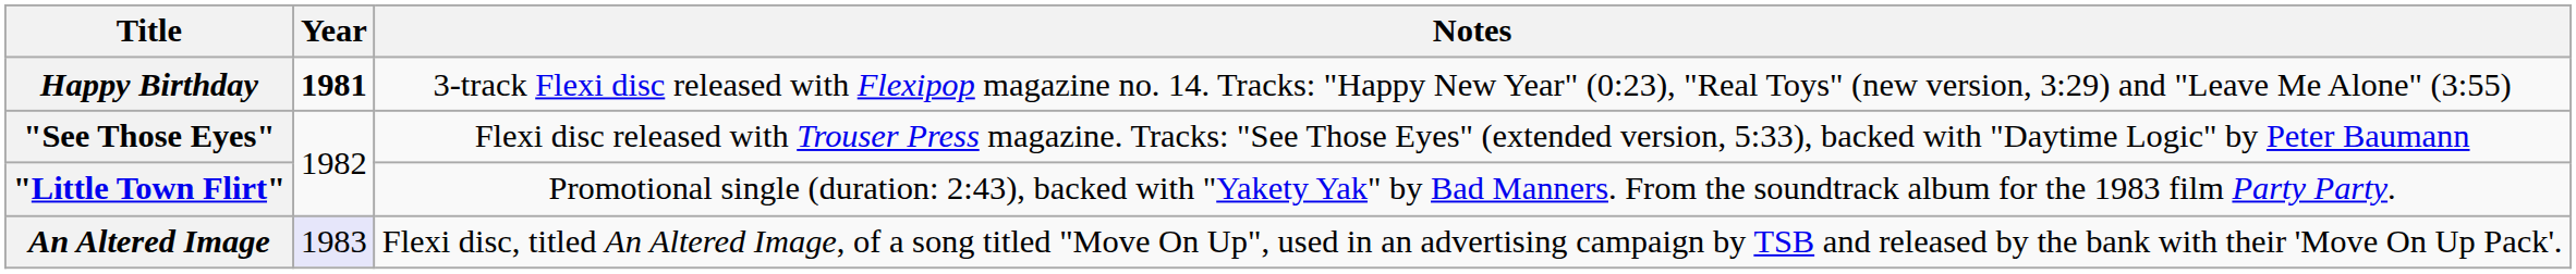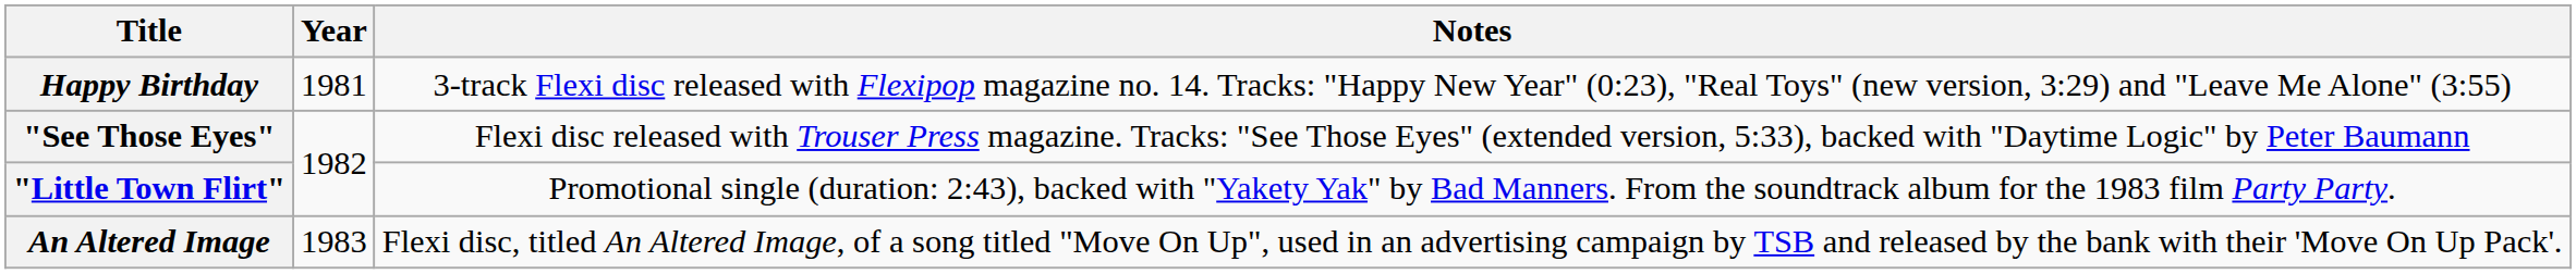 <table class="wikitable plainrowheaders" style="text-align:center;">
 <tr>
 <th scope="col">Title</th>
 <th scope="col">Year</th>
 <th scope="col">Notes</th>
 </tr>
 <tr>
 <th scope="row"><em>Happy Birthday</em></th>
-<td><strong>1981</strong></td>
+<td>1981</td>
 <td>3-track <a href='#'>Flexi disc</a> released with <em><a href='#'>Flexipop</a></em> magazine no. 14. Tracks: "Happy New Year" (0:23), "Real Toys" (new version, 3:29) and "Leave Me Alone" (3:55)</td>
 </tr>
 <tr>
 <th scope="row">"See Those Eyes"</th>
 <td rowspan="2">1982</td>
 <td>Flexi disc released with <em><a href='#'>Trouser Press</a></em> magazine. Tracks:  "See Those Eyes" (extended version, 5:33),  backed with "Daytime Logic" by <a href='#'>Peter Baumann</a></td>
 </tr>
 <tr>
 <th scope="row">"<a href='#'>Little Town Flirt</a>"</th>
 <td>Promotional single (duration: 2:43), backed with "<a href='#'>Yakety Yak</a>" by <a href='#'>Bad Manners</a>. From the soundtrack album for the 1983 film <em><a href='#'>Party Party</a></em>.</td>
 </tr>
 <tr>
 <th scope="row"><em>An Altered Image</em></th>
-<td style="background: lavender;">1983</td>
+<td>1983</td>
 <td>Flexi disc, titled <em>An Altered Image</em>, of a song titled "Move On Up", used in an advertising campaign by <a href='#'>TSB</a> and released by the bank with their 'Move On Up Pack'.</td>
 </tr>
 </table>
